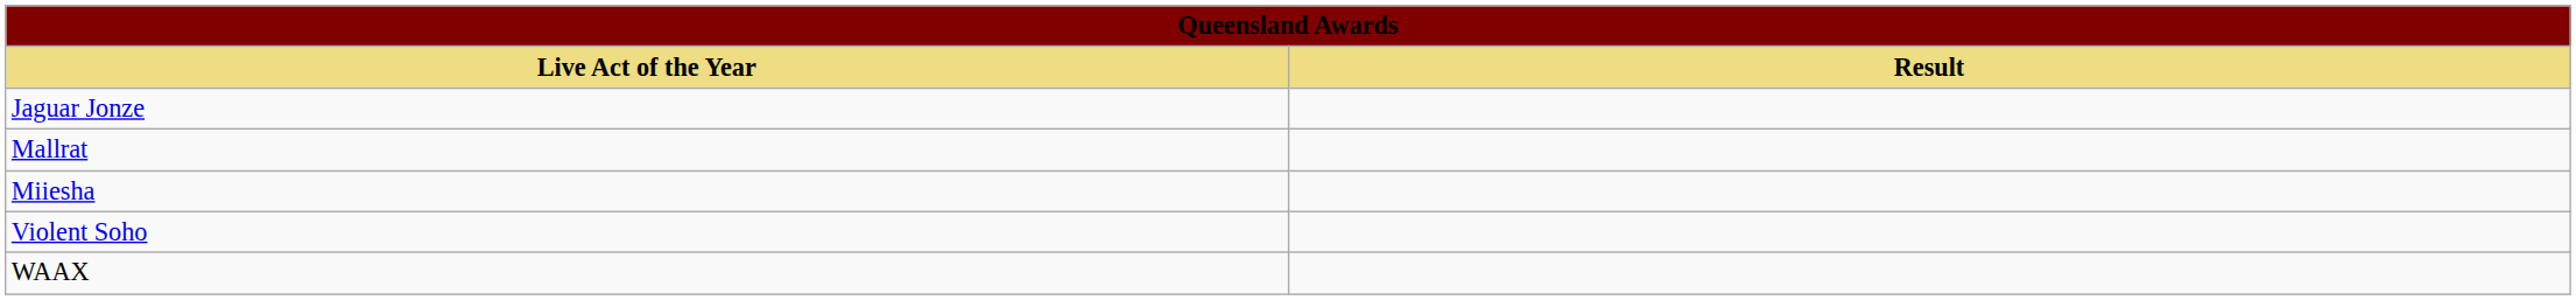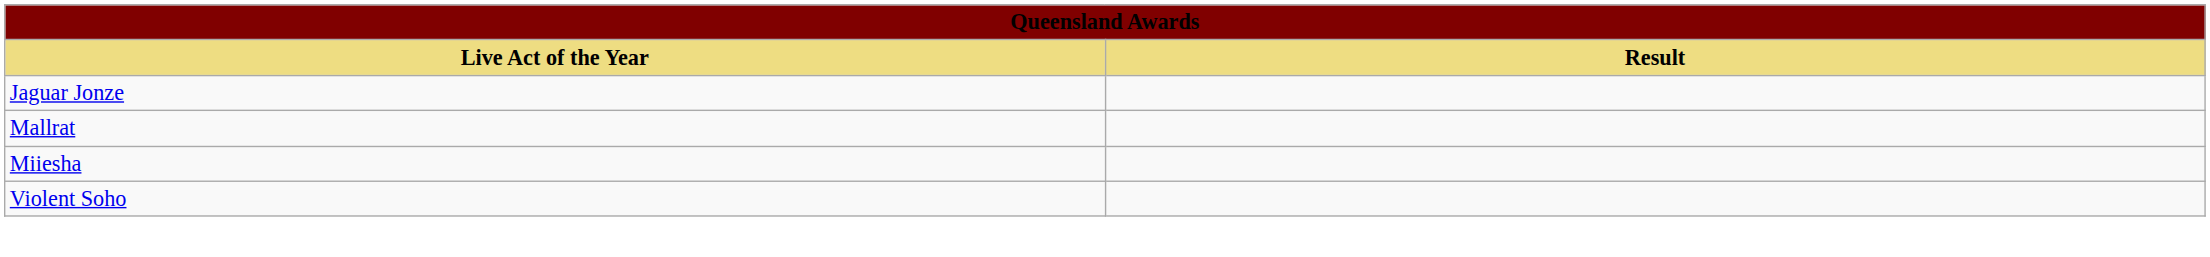 <table class="wikitable" width=100%>
 <tr>
 <th colspan="2" ! style="width:15%;background:maroon">Queensland Awards</th>
 </tr>
 <tr>
 <th style="width:10%;background:#EEDD82;">Live Act of the Year</th>
 <th style="width:10%;background:#EEDD82;">Result</th>
 </tr>
 <tr>
 <td><a href='#'>Jaguar Jonze</a></td>
 <td></td>
 </tr>
 <tr>
 <td><a href='#'>Mallrat</a></td>
 <td></td>
 </tr>
 <tr>
 <td><a href='#'>Miiesha</a></td>
 <td></td>
 </tr>
 <tr>
 <td><a href='#'>Violent Soho</a></td>
 <td></td>
 </tr>
-<tr>
-<td>WAAX</td>
-<td></td>
-</tr>
 </table>
